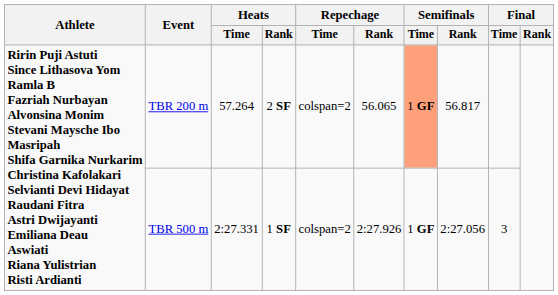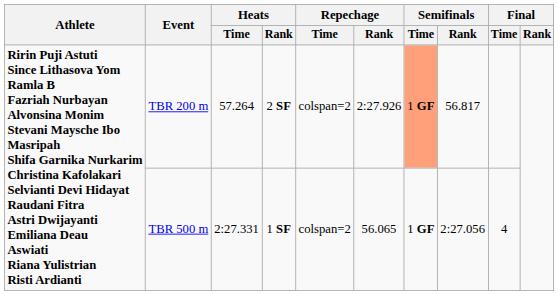 <table class="wikitable" style="text-align:center; font-size:90%">
 <tr>
 <th rowspan="2">Athlete</th>
 <th rowspan="2">Event</th>
 <th colspan="2">Heats</th>
 <th colspan="2">Repechage</th>
 <th colspan="2">Semifinals</th>
 <th colspan="2">Final</th>
 </tr>
 <tr style=font-size:95%>
 <th>Time</th>
 <th>Rank</th>
 <th>Time</th>
 <th>Rank</th>
 <th>Time</th>
 <th>Rank</th>
 <th>Time</th>
 <th>Rank</th>
 </tr>
 <tr>
 <td align=left rowspan=2><strong>Ririn Puji Astuti<br>Since Lithasova Yom<br>Ramla B<br>Fazriah Nurbayan<br>Alvonsina Monim<br>Stevani Maysche Ibo<br>Masripah<br>Shifa Garnika Nurkarim<br>Christina Kafolakari<br>Selvianti Devi Hidayat<br>Raudani Fitra<br>Astri Dwijayanti<br>Emiliana Deau<br>Aswiati<br>Riana Yulistrian<br>Risti Ardianti</strong></td>
 <td align=left><a href='#'>TBR 200 m</a></td>
 <td>57.264</td>
 <td>2 <strong>SF</strong></td>
 <td>colspan=2 </td>
-<td>56.065</td>
+<td>2:27.926</td>
 <td style="background: lightsalmon;">1 <strong>GF</strong></td>
 <td>56.817</td>
 <td></td>
 </tr>
 <tr>
 <td align=left><a href='#'>TBR 500 m</a></td>
 <td>2:27.331</td>
 <td>1 <strong>SF</strong></td>
 <td>colspan=2 </td>
-<td>2:27.926</td>
+<td>56.065</td>
 <td>1 <strong>GF</strong></td>
 <td>2:27.056</td>
-<td>3</td>
+<td>4</td>
 </tr>
 </table>
